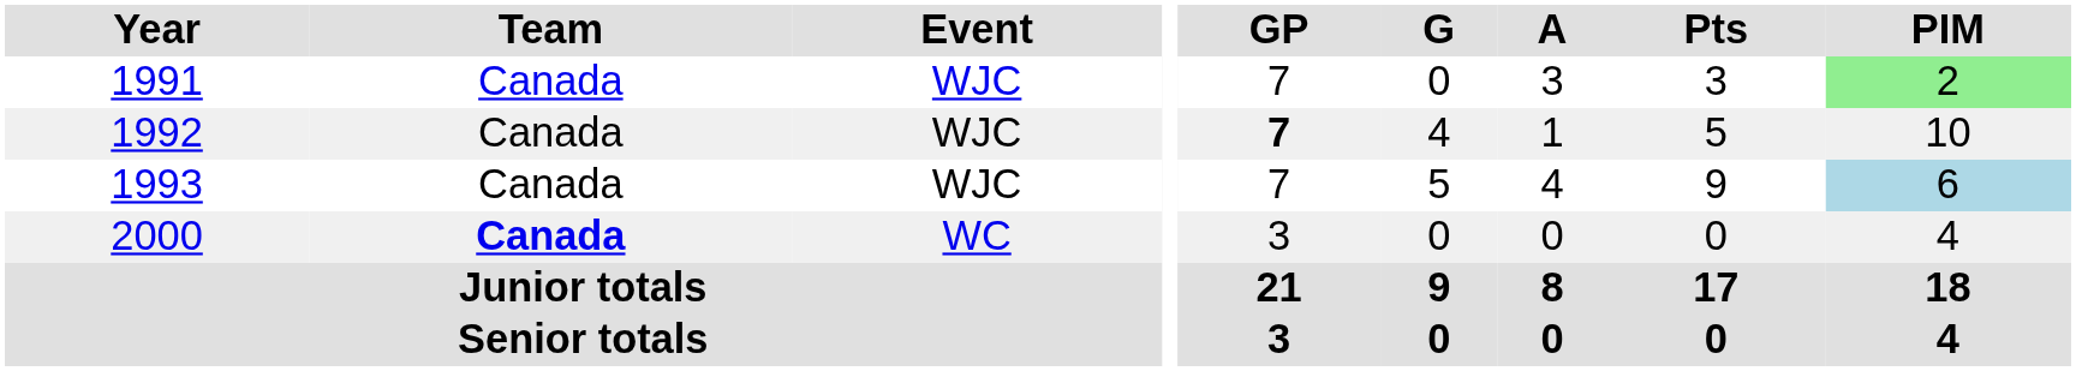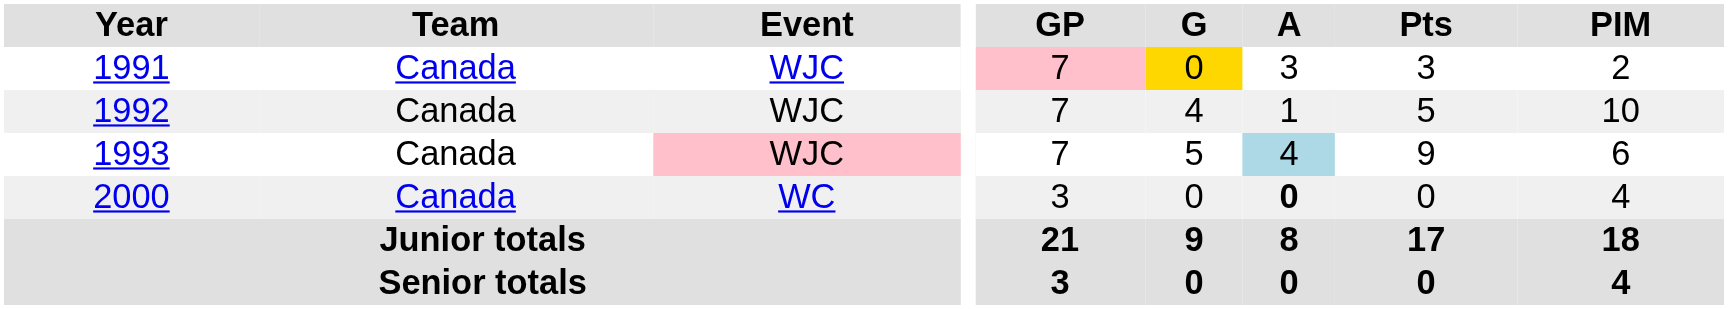 <table border="0" cellpadding="1" cellspacing="0" style="text-align:center; width:50em">
 <tr bgcolor="#e0e0e0">
 <th>Year</th>
 <th>Team</th>
 <th>Event</th>
 <th rowspan="99" bgcolor="#ffffff"></th>
 <th>GP</th>
 <th>G</th>
 <th>A</th>
 <th>Pts</th>
 <th>PIM</th>
 </tr>
 <tr>
 <td><a href='#'>1991</a></td>
 <td><a href='#'>Canada</a></td>
 <td><a href='#'>WJC</a></td>
-<td>7</td>
-<td>0</td>
+<td style="background: pink;">7</td>
+<td style="background: gold;">0</td>
 <td>3</td>
 <td>3</td>
-<td style="background: lightgreen;">2</td>
+<td>2</td>
 </tr>
 <tr bgcolor=f0f0f0>
 <td><a href='#'>1992</a></td>
 <td>Canada</td>
 <td>WJC</td>
-<td><strong>7</strong></td>
+<td>7</td>
 <td>4</td>
 <td>1</td>
 <td>5</td>
 <td>10</td>
 </tr>
 <tr>
 <td><a href='#'>1993</a></td>
 <td>Canada</td>
-<td>WJC</td>
+<td style="background: pink;">WJC</td>
 <td>7</td>
 <td>5</td>
-<td>4</td>
+<td style="background: lightblue;">4</td>
 <td>9</td>
-<td style="background: lightblue;">6</td>
+<td>6</td>
 </tr>
 <tr bgcolor=f0f0f0>
 <td><a href='#'>2000</a></td>
-<td><strong><a href='#'>Canada</a></strong></td>
+<td><a href='#'>Canada</a></td>
 <td><a href='#'>WC</a></td>
 <td>3</td>
 <td>0</td>
-<td>0</td>
+<td><strong>0</strong></td>
 <td>0</td>
 <td>4</td>
 </tr>
 <tr bgcolor="#e0e0e0">
 <th colspan="3">Junior totals</th>
 <th>21</th>
 <th>9</th>
 <th>8</th>
 <th>17</th>
 <th>18</th>
 </tr>
 <tr bgcolor="#e0e0e0">
 <th colspan="3">Senior totals</th>
 <th>3</th>
 <th>0</th>
 <th>0</th>
 <th>0</th>
 <th>4</th>
 </tr>
 </table>
